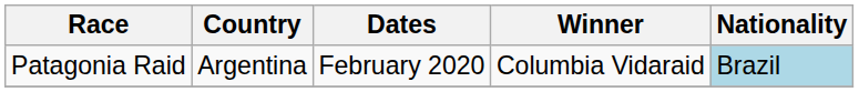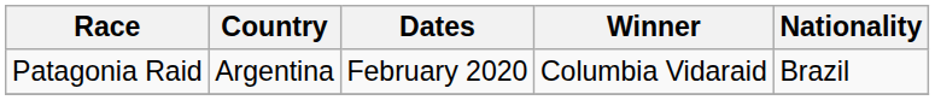 <table class="wikitable sortable">
 <tr>
 <th>Race</th>
 <th>Country</th>
 <th>Dates</th>
 <th>Winner</th>
 <th>Nationality</th>
 </tr>
 <tr>
 <td>Patagonia Raid</td>
 <td>Argentina</td>
 <td>February 2020</td>
 <td>Columbia Vidaraid</td>
-<td style="background: lightblue;">Brazil</td>
+<td>Brazil</td>
 </tr>
 <tr>
 </tr>
 </table>
